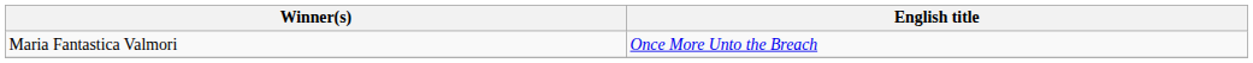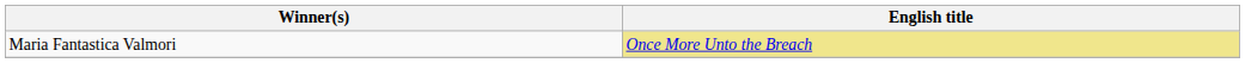 <table class="wikitable" width="95%" cellpadding="5">
 <tr>
 <th width="18%">Winner(s)</th>
 <th width="18%">English title</th>
 </tr>
 <tr>
 <td>  Maria Fantastica Valmori</td>
-<td><em><a href='#'>Once More Unto the Breach</a></em></td>
+<td style="background: khaki;"><em><a href='#'>Once More Unto the Breach</a></em></td>
 </tr>
 <tr>
 </tr>
 </table>
